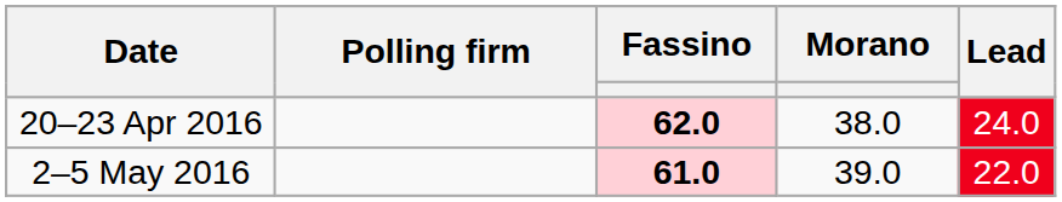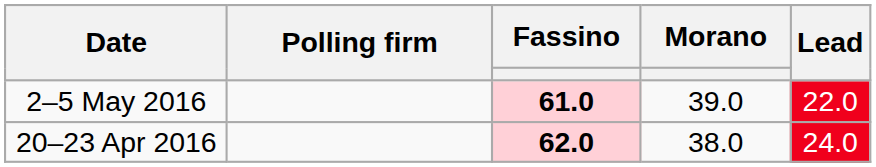 <table class="wikitable collapsible" style="text-align:center;font-size:85%;line-height:13px">
 <tr style="height:30px; background-color:#E9E9E9">
 <th style="width:100px;" rowspan="2">Date</th>
 <th style="width:120px;" rowspan="2">Polling firm</th>
 <th style="width:65px;">Fassino</th>
 <th style="width:65px;">Morano</th>
 <th style="width:25px;" rowspan="2">Lead</th>
 </tr>
 <tr>
 <th style="background:"></th>
 <th style="background:"></th>
 </tr>
 <tr>
+<td>2–5 May 2016</td>
+<td></td>
+<td style="background:#FFD0D7"><strong>61.0</strong></td>
+<td>39.0</td>
+<td style="background:#F0001C; color:white;">22.0</td>
+</tr>
+<tr>
 <td>20–23 Apr 2016</td>
 <td></td>
 <td style="background:#FFD0D7"><strong>62.0</strong></td>
 <td>38.0</td>
 <td style="background:#F0001C; color:white;">24.0</td>
 </tr>
-<tr>
-<td>2–5 May 2016</td>
-<td></td>
-<td style="background:#FFD0D7"><strong>61.0</strong></td>
-<td>39.0</td>
-<td style="background:#F0001C; color:white;">22.0</td>
-</tr>
 </table>
